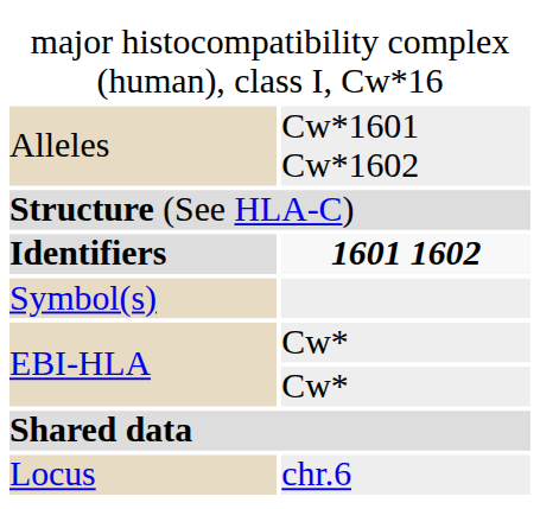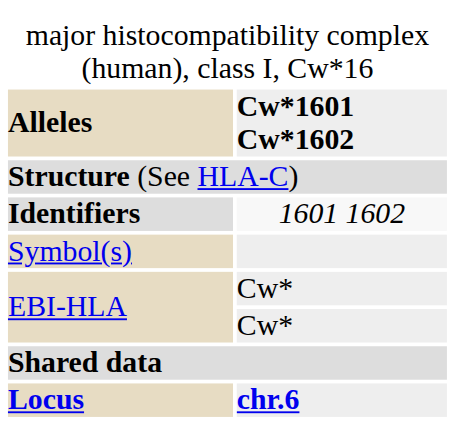 <table id="drugInfoBox" style="float: right; clear: right; margin: 0 0 0.5em 1em; background: #ffffff;" class="toccolours" border=0 cellpadding=0 align=right width="240px">
 <tr>
 <td align="center" colspan="3"></td>
 </tr>
 <tr style="text-align: center; line-height: 1.00;background:#eeeeee">
 <td colspan="3" color="white"></td>
 </tr>
 <tr>
 <td align="center" colspan="2"></td>
 </tr>
 <tr>
 <td align="center" colspan="2"><div>major histocompatibility complex (human), class I, Cw*16</div></td>
 </tr>
 <tr>
-<td bgcolor="#e7dcc3">Alleles</td>
-<td bgcolor="#eeeeee">Cw*1601 <br> Cw*1602</td>
+<td bgcolor="#e7dcc3"><strong>Alleles</strong></td>
+<td bgcolor="#eeeeee"><strong>Cw*1601 <br> Cw*1602</strong></td>
 </tr>
 <tr>
 <td colspan="2" bgcolor="#dddddd"><strong>Structure</strong> (See <a href='#'>HLA-C</a>)</td>
 </tr>
 <tr style="background:#f8f8f8">
 <td bgcolor="#dddddd"><strong>Identifiers</strong></td>
-<td align="center"><strong><div> <em>1601</em> <em>1602</em></div></strong></td>
+<td align="center"><div> <em>1601</em> <em>1602</em></div></td>
 </tr>
 <tr>
 <td bgcolor="#e7dcc3"><a href='#'>Symbol(s)</a></td>
 <td bgcolor="#eeeeee"></td>
 </tr>
 <tr>
 <td rowspan = 2 bgcolor="#e7dcc3"><a href='#'>EBI-HLA</a></td>
 <td bgcolor="#eeeeee">Cw*</td>
 </tr>
 <tr>
 <td bgcolor="#eeeeee">Cw*</td>
 </tr>
 <tr>
 <td colspan="2" bgcolor="#dddddd"><strong>Shared data</strong></td>
 </tr>
 <tr>
-<td bgcolor="#e7dcc3"><a href='#'>Locus</a></td>
-<td bgcolor="#eeeeee"><a href='#'>chr.6</a> <em></em></td>
+<td bgcolor="#e7dcc3"><strong><a href='#'>Locus</a></strong></td>
+<td bgcolor="#eeeeee"><strong><a href='#'>chr.6</a> <em></em></strong></td>
 </tr>
 <tr>
 </tr>
 </table>
